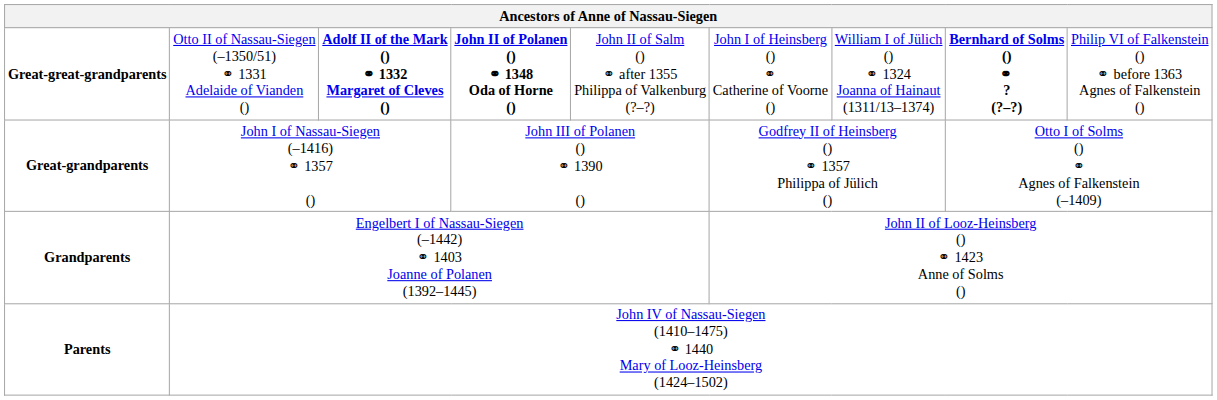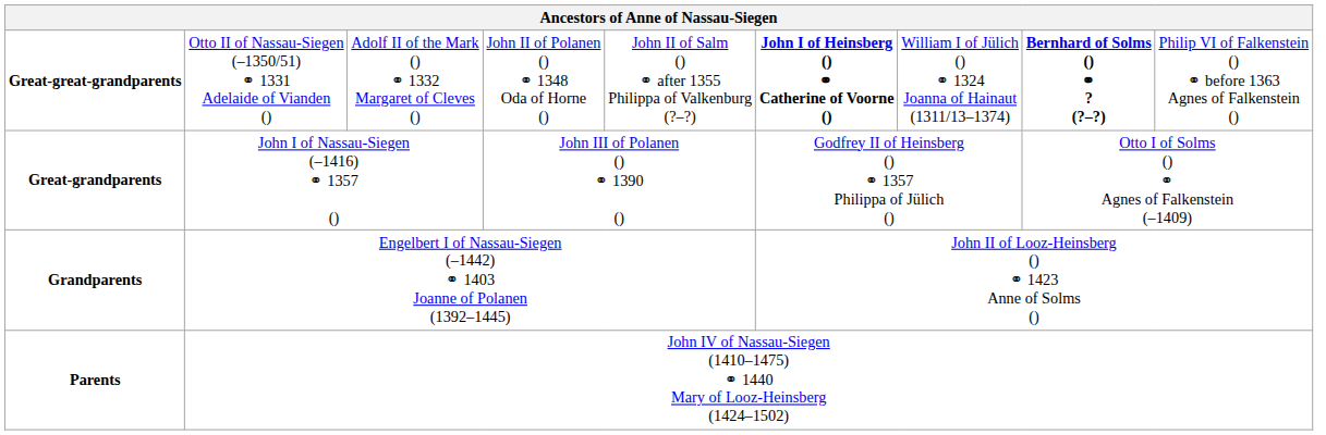 <table class="wikitable" style="background:#FFFFFF; font-size:85%; text-align:center">
 <tr bgcolor="#E0E0E0">
 <th colspan="9">Ancestors of Anne of Nassau-Siegen</th>
 </tr>
 <tr>
 <td><strong>Great-great-grandparents</strong></td>
 <td colspan="1"><a href='#'>Otto II of Nassau-Siegen</a><br>(–1350/51)<br>⚭ 1331<br><a href='#'>Adelaide of Vianden</a><br>()</td>
-<td colspan="1"><strong><a href='#'>Adolf II of the Mark</a><br>()<br>⚭ 1332<br><a href='#'>Margaret of Cleves</a><br>()</strong></td>
-<td colspan="1"><strong><a href='#'>John II of Polanen</a><br>()<br>⚭ 1348<br>Oda of Horne<br>()</strong></td>
+<td colspan="1"><a href='#'>Adolf II of the Mark</a><br>()<br>⚭ 1332<br><a href='#'>Margaret of Cleves</a><br>()</td>
+<td colspan="1"><a href='#'>John II of Polanen</a><br>()<br>⚭ 1348<br>Oda of Horne<br>()</td>
 <td colspan="1"><a href='#'>John II of Salm</a><br>()<br>⚭ after 1355<br>Philippa of Valkenburg<br>(?–?)</td>
-<td colspan="1"><a href='#'>John I of Heinsberg</a><br>()<br>⚭ <br>Catherine of Voorne<br>()</td>
+<td colspan="1"><strong><a href='#'>John I of Heinsberg</a><br>()<br>⚭ <br>Catherine of Voorne<br>()</strong></td>
 <td colspan="1"><a href='#'>William I of Jülich</a><br>()<br>⚭ 1324<br><a href='#'>Joanna of Hainaut</a><br>(1311/13–1374)</td>
 <td colspan="1"><strong><a href='#'>Bernhard of Solms</a><br>()<br>⚭<br>?<br>(?–?)</strong></td>
 <td colspan="1"><a href='#'>Philip VI of Falkenstein</a><br>()<br>⚭ before 1363<br>Agnes of Falkenstein<br>()</td>
 </tr>
 <tr>
 <td><strong>Great-grandparents</strong></td>
 <td colspan="2"><a href='#'>John I of Nassau-Siegen</a><br>(–1416)<br>⚭ 1357<br><br>()</td>
 <td colspan="2"><a href='#'>John III of Polanen</a><br>()<br>⚭ 1390<br><br>()</td>
 <td colspan="2"><a href='#'>Godfrey II of Heinsberg</a><br>()<br>⚭ 1357<br>Philippa of Jülich<br>()</td>
 <td colspan="2"><a href='#'>Otto I of Solms</a><br>()<br>⚭<br>Agnes of Falkenstein<br>(–1409)</td>
 </tr>
 <tr>
 <td><strong>Grandparents</strong></td>
 <td colspan="4"><a href='#'>Engelbert I of Nassau-Siegen</a><br>(–1442)<br>⚭ 1403<br><a href='#'>Joanne of Polanen</a><br>(1392–1445)</td>
 <td colspan="4"><a href='#'>John II of Looz-Heinsberg</a><br>()<br>⚭ 1423<br>Anne of Solms<br>()</td>
 </tr>
 <tr>
 <td><strong>Parents</strong></td>
 <td colspan="8"><a href='#'>John IV of Nassau-Siegen</a><br>(1410–1475)<br>⚭ 1440<br><a href='#'>Mary of Looz-Heinsberg</a><br>(1424–1502)</td>
 </tr>
 </table>
